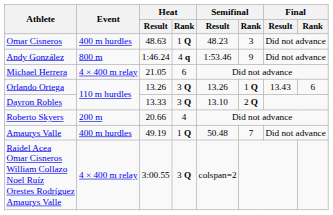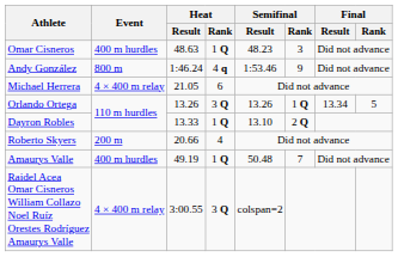 <table class="wikitable" style="font-size:90%">
 <tr>
 <th rowspan="2">Athlete</th>
 <th rowspan="2">Event</th>
 <th colspan="2">Heat</th>
 <th colspan="2">Semifinal</th>
 <th colspan="2">Final</th>
 </tr>
 <tr style="font-size:95%">
 <th>Result</th>
 <th>Rank</th>
 <th>Result</th>
 <th>Rank</th>
 <th>Result</th>
 <th>Rank</th>
 </tr>
 <tr align=center>
 <td align=left><a href='#'>Omar Cisneros</a></td>
 <td align=left><a href='#'>400 m hurdles</a></td>
 <td>48.63</td>
 <td>1 <strong>Q</strong></td>
 <td>48.23</td>
 <td>3</td>
 <td colspan=2>Did not advance</td>
 </tr>
 <tr align=center>
 <td align=left><a href='#'>Andy González</a></td>
 <td align=left><a href='#'>800 m</a></td>
 <td>1:46.24</td>
 <td>4 <strong>q</strong></td>
 <td>1:53.46</td>
 <td>9</td>
 <td colspan=2>Did not advance</td>
 </tr>
 <tr align=center>
 <td align=left><a href='#'>Michael Herrera</a></td>
 <td align=left><a href='#'>4 × 400 m relay</a></td>
 <td>21.05</td>
 <td>6</td>
 <td colspan=4>Did not advance</td>
 </tr>
 <tr align=center>
 <td align=left><a href='#'>Orlando Ortega</a></td>
 <td align=left rowspan=2><a href='#'>110 m hurdles</a></td>
 <td>13.26</td>
 <td>3 <strong>Q</strong></td>
 <td>13.26</td>
 <td>1 <strong>Q</strong></td>
-<td>13.43</td>
-<td>6</td>
+<td>13.34</td>
+<td>5</td>
 </tr>
 <tr align=center>
 <td align=left><a href='#'>Dayron Robles</a></td>
 <td>13.33</td>
-<td>3 <strong>Q</strong></td>
+<td>1 <strong>Q</strong></td>
 <td>13.10</td>
 <td>2 <strong>Q</strong></td>
 <td colspan=2></td>
 </tr>
 <tr align=center>
 <td align=left><a href='#'>Roberto Skyers</a></td>
 <td align=left><a href='#'>200 m</a></td>
 <td>20.66</td>
 <td>4</td>
 <td colspan=4>Did not advance</td>
 </tr>
 <tr align=center>
 <td align=left><a href='#'>Amaurys Valle</a></td>
 <td align=left><a href='#'>400 m hurdles</a></td>
 <td>49.19</td>
 <td>1 <strong>Q</strong></td>
 <td>50.48</td>
 <td>7</td>
 <td colspan=2>Did not advance</td>
 </tr>
 <tr align=center>
 <td align=left><a href='#'>Raidel Acea</a><br><a href='#'>Omar Cisneros</a><br><a href='#'>William Collazo</a><br><a href='#'>Noel Ruíz</a><br><a href='#'>Orestes Rodríguez</a><br><a href='#'>Amaurys Valle</a></td>
 <td align=left><a href='#'>4 × 400 m relay</a></td>
 <td>3:00.55</td>
 <td>3 <strong>Q</strong></td>
 <td>colspan=2 </td>
 <td colspan=2></td>
 </tr>
 </table>
